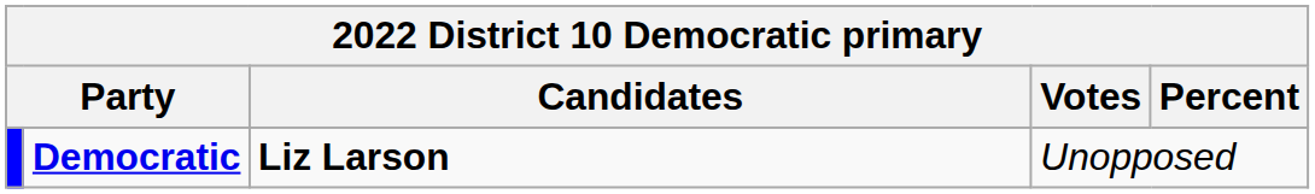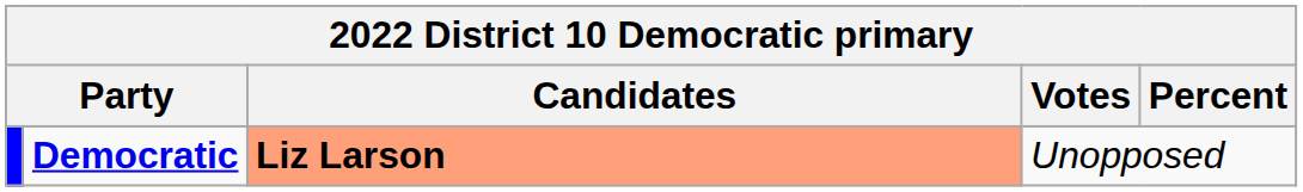 <table class=wikitable>
 <tr valign=bottom>
 <th colspan=5>2022 District 10 Democratic primary </th>
 </tr>
 <tr>
 <th colspan = 2>Party</th>
 <th style=width:20em>Candidates</th>
 <th>Votes</th>
 <th>Percent</th>
 </tr>
 <tr>
 <td bgcolor="blue"></td>
 <td><strong><a href='#'>Democratic</a></strong></td>
-<td><strong>Liz Larson</strong></td>
+<td style="background: lightsalmon;"><strong>Liz Larson</strong></td>
 <td colspan=2><em>Unopposed</em></td>
 </tr>
 </table>
